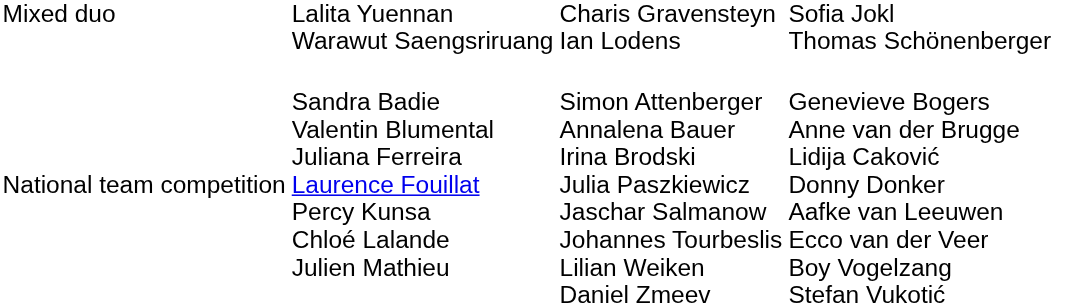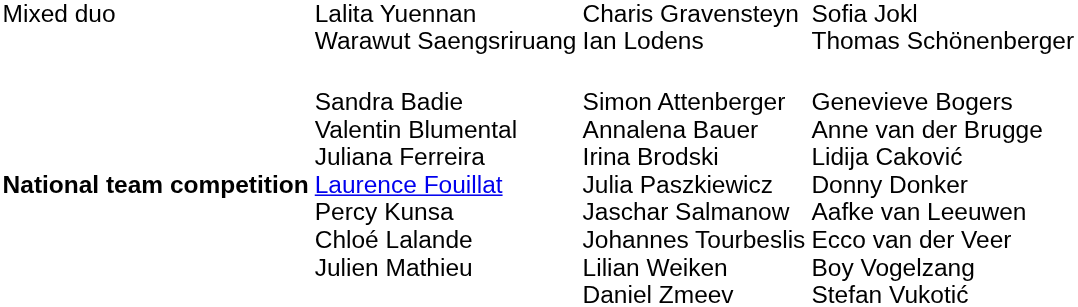 <table>
 <tr>
 <td>Mixed duo</td>
 <td nowrap><br>Lalita Yuennan<br>Warawut Saengsriruang</td>
 <td><br>Charis Gravensteyn<br>Ian Lodens</td>
 <td nowrap><br>Sofia Jokl<br>Thomas Schönenberger</td>
 </tr>
 <tr>
-<td>National team competition</td>
+<td><strong>National team competition</strong></td>
 <td valign=top><br>Sandra Badie<br>Valentin Blumental<br>Juliana Ferreira<br><a href='#'>Laurence Fouillat</a><br>Percy Kunsa<br>Chloé Lalande<br>Julien Mathieu</td>
 <td nowrap><br>Simon Attenberger<br>Annalena Bauer<br>Irina Brodski<br>Julia Paszkiewicz<br>Jaschar Salmanow<br>Johannes Tourbeslis<br>Lilian Weiken<br>Daniel Zmeev</td>
 <td><br>Genevieve Bogers<br>Anne van der Brugge<br>Lidija Caković<br>Donny Donker<br>Aafke van Leeuwen<br>Ecco van der Veer<br>Boy Vogelzang<br>Stefan Vukotić</td>
 </tr>
 </table>
